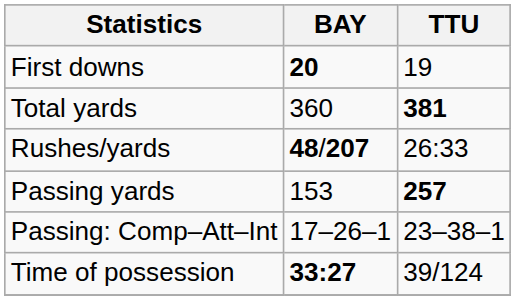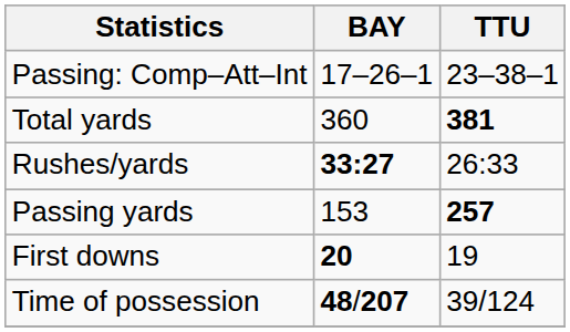 <table class="wikitable" style="float: left;">
 <tr>
 <th>Statistics</th>
 <th>BAY</th>
 <th>TTU</th>
 </tr>
 <tr>
-<td>First downs</td>
-<td><strong>20</strong></td>
-<td>19</td>
+<td>Passing: Comp–Att–Int</td>
+<td>17–26–1</td>
+<td>23–38–1</td>
 </tr>
 <tr>
 <td>Total yards</td>
 <td>360</td>
 <td><strong>381</strong></td>
 </tr>
 <tr>
 <td>Rushes/yards</td>
-<td><strong>48</strong>/<strong>207</strong></td>
+<td><strong>33:27</strong></td>
 <td>26:33</td>
 </tr>
 <tr>
 <td>Passing yards</td>
 <td>153</td>
 <td><strong>257</strong></td>
 </tr>
 <tr>
-<td>Passing: Comp–Att–Int</td>
-<td>17–26–1</td>
-<td>23–38–1</td>
+<td>First downs</td>
+<td><strong>20</strong></td>
+<td>19</td>
 </tr>
 <tr>
 <td>Time of possession</td>
-<td><strong>33:27</strong></td>
+<td><strong>48</strong>/<strong>207</strong></td>
 <td>39/124</td>
 </tr>
 <tr>
 </tr>
 </table>
